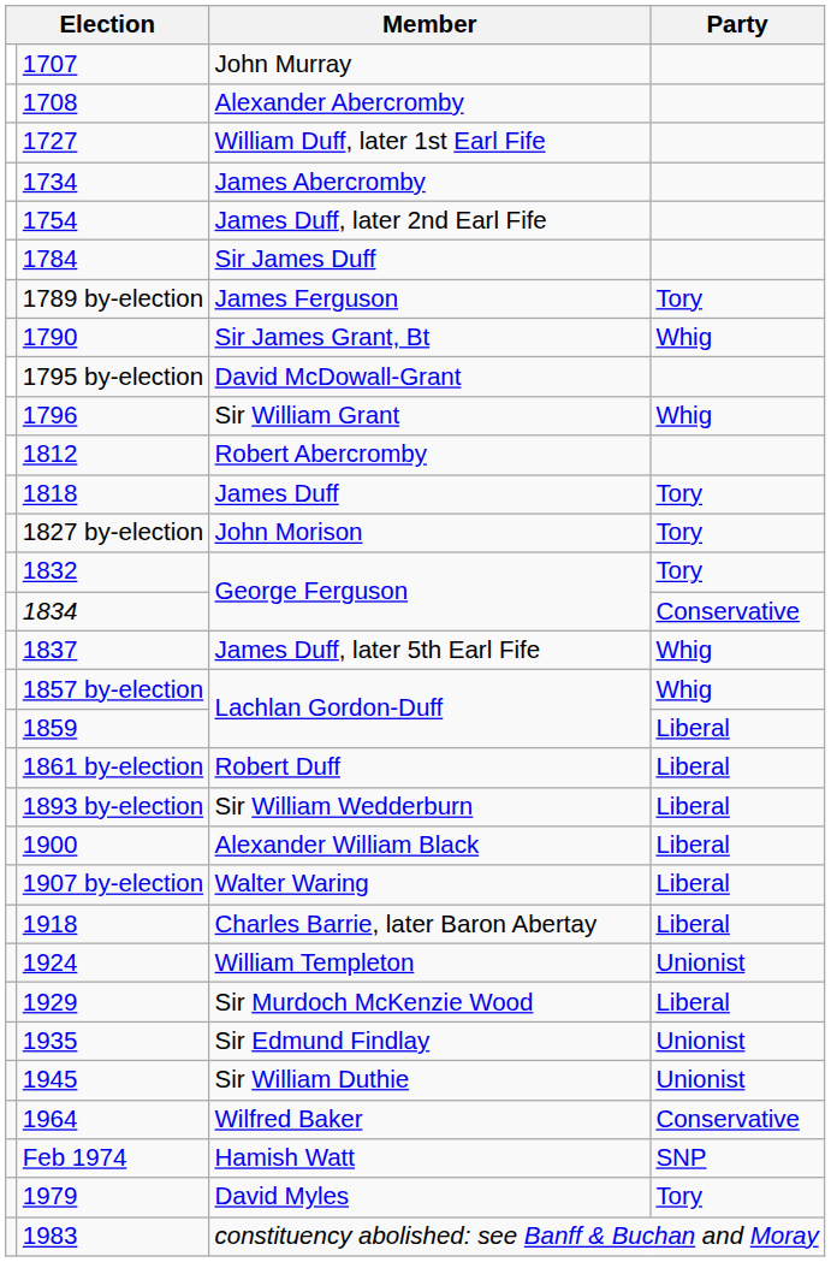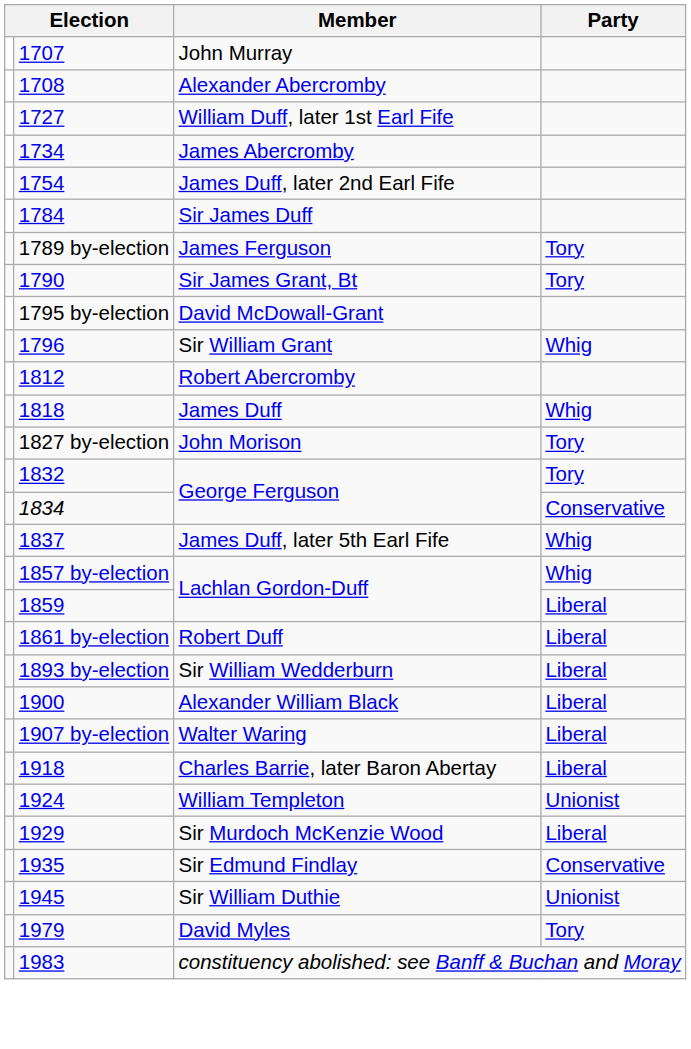 <table class="wikitable">
 <tr>
 <th colspan="2">Election</th>
 <th>Member</th>
 <th>Party</th>
 </tr>
 <tr>
 <td style="color:inherit;background-color: white"></td>
 <td><a href='#'>1707</a></td>
 <td>John Murray</td>
 <td></td>
 </tr>
 <tr>
 <td style="color:inherit;background-color: white"></td>
 <td><a href='#'>1708</a></td>
 <td><a href='#'>Alexander Abercromby</a></td>
 <td></td>
 </tr>
 <tr>
 <td style="color:inherit;background-color: white"></td>
 <td><a href='#'>1727</a></td>
 <td><a href='#'>William Duff</a>, later 1st <a href='#'>Earl Fife</a></td>
 <td></td>
 </tr>
 <tr>
 <td style="color:inherit;background-color: white"></td>
 <td><a href='#'>1734</a></td>
 <td><a href='#'>James Abercromby</a></td>
 <td></td>
 </tr>
 <tr>
 <td style="color:inherit;background-color: white"></td>
 <td><a href='#'>1754</a></td>
 <td><a href='#'>James Duff</a>, later 2nd Earl Fife</td>
 <td></td>
 </tr>
 <tr>
 <td style="color:inherit;background-color: white"></td>
 <td><a href='#'>1784</a></td>
 <td><a href='#'>Sir James Duff</a></td>
 <td></td>
 </tr>
 <tr>
 <td style="color:inherit;background-color: "></td>
 <td>1789 by-election</td>
 <td><a href='#'>James Ferguson</a></td>
 <td><a href='#'>Tory</a></td>
 </tr>
 <tr>
 <td style="color:inherit;background-color: "></td>
 <td><a href='#'>1790</a></td>
 <td><a href='#'>Sir James Grant, Bt</a></td>
-<td><a href='#'>Whig</a></td>
+<td><a href='#'>Tory</a></td>
 </tr>
 <tr>
 <td style="color:inherit;background-color: white"></td>
 <td>1795 by-election</td>
 <td><a href='#'>David McDowall-Grant</a></td>
 <td></td>
 </tr>
 <tr>
 <td style="color:inherit;background-color: "></td>
 <td><a href='#'>1796</a></td>
 <td>Sir <a href='#'>William Grant</a></td>
 <td><a href='#'>Whig</a></td>
 </tr>
 <tr>
 <td style="color:inherit;background-color: white"></td>
 <td><a href='#'>1812</a></td>
 <td><a href='#'>Robert Abercromby</a></td>
 <td></td>
 </tr>
 <tr>
 <td style="color:inherit;background-color: "></td>
 <td><a href='#'>1818</a></td>
 <td><a href='#'>James Duff</a></td>
-<td><a href='#'>Tory</a></td>
+<td><a href='#'>Whig</a></td>
 </tr>
 <tr>
 <td style="color:inherit;background-color: "></td>
 <td>1827 by-election</td>
 <td><a href='#'>John Morison</a></td>
 <td><a href='#'>Tory</a></td>
 </tr>
 <tr>
 <td style="color:inherit;background-color: "></td>
 <td><a href='#'>1832</a></td>
 <td rowspan="2"><a href='#'>George Ferguson</a></td>
 <td><a href='#'>Tory</a></td>
 </tr>
 <tr>
 <td style="color:inherit;background-color: "></td>
 <td><em>1834</em></td>
 <td><a href='#'>Conservative</a></td>
 </tr>
 <tr>
 <td style="color:inherit;background-color: "></td>
 <td><a href='#'>1837</a></td>
 <td><a href='#'>James Duff</a>, later 5th Earl Fife</td>
 <td><a href='#'>Whig</a></td>
 </tr>
 <tr>
 <td style="color:inherit;background-color: "></td>
 <td><a href='#'>1857 by-election</a></td>
 <td rowspan="2"><a href='#'>Lachlan Gordon-Duff</a></td>
 <td><a href='#'>Whig</a></td>
 </tr>
 <tr>
 <td style="color:inherit;background-color: "></td>
 <td><a href='#'>1859</a></td>
 <td><a href='#'>Liberal</a></td>
 </tr>
 <tr>
 <td style="color:inherit;background-color: "></td>
 <td><a href='#'>1861 by-election</a></td>
 <td><a href='#'>Robert Duff</a></td>
 <td><a href='#'>Liberal</a></td>
 </tr>
 <tr>
 <td style="color:inherit;background-color: "></td>
 <td><a href='#'>1893 by-election</a></td>
 <td>Sir <a href='#'>William Wedderburn</a></td>
 <td><a href='#'>Liberal</a></td>
 </tr>
 <tr>
 <td style="color:inherit;background-color: "></td>
 <td><a href='#'>1900</a></td>
 <td><a href='#'>Alexander William Black</a></td>
 <td><a href='#'>Liberal</a></td>
 </tr>
 <tr>
 <td style="color:inherit;background-color: "></td>
 <td><a href='#'>1907 by-election</a></td>
 <td><a href='#'>Walter Waring</a></td>
 <td><a href='#'>Liberal</a></td>
 </tr>
 <tr>
 <td style="color:inherit;background-color: "></td>
 <td><a href='#'>1918</a></td>
 <td><a href='#'>Charles Barrie</a>, later Baron Abertay</td>
 <td><a href='#'>Liberal</a></td>
 </tr>
 <tr>
 <td style="color:inherit;background-color: "></td>
 <td><a href='#'>1924</a></td>
 <td><a href='#'>William Templeton</a></td>
 <td><a href='#'>Unionist</a></td>
 </tr>
 <tr>
 <td style="color:inherit;background-color: "></td>
 <td><a href='#'>1929</a></td>
 <td>Sir <a href='#'>Murdoch McKenzie Wood</a></td>
 <td><a href='#'>Liberal</a></td>
 </tr>
 <tr>
 <td style="color:inherit;background-color: "></td>
 <td><a href='#'>1935</a></td>
 <td>Sir <a href='#'>Edmund Findlay</a></td>
-<td><a href='#'>Unionist</a></td>
+<td><a href='#'>Conservative</a></td>
 </tr>
 <tr>
 <td style="color:inherit;background-color: "></td>
 <td><a href='#'>1945</a></td>
 <td>Sir <a href='#'>William Duthie</a></td>
 <td><a href='#'>Unionist</a></td>
-</tr>
-<tr>
-<td style="color:inherit;background-color: "></td>
-<td><a href='#'>1964</a></td>
-<td><a href='#'>Wilfred Baker</a></td>
-<td><a href='#'>Conservative</a></td>
-</tr>
-<tr>
-<td style="color:inherit;background-color: "></td>
-<td><a href='#'>Feb 1974</a></td>
-<td><a href='#'>Hamish Watt</a></td>
-<td><a href='#'>SNP</a></td>
 </tr>
 <tr>
 <td style="color:inherit;background-color: "></td>
 <td><a href='#'>1979</a></td>
 <td><a href='#'>David Myles</a></td>
 <td><a href='#'>Tory</a></td>
 </tr>
 <tr>
 <td></td>
 <td><a href='#'>1983</a></td>
 <td colspan="2"><em>constituency abolished: see <a href='#'>Banff & Buchan</a> and <a href='#'>Moray</a></em></td>
 </tr>
 </table>
